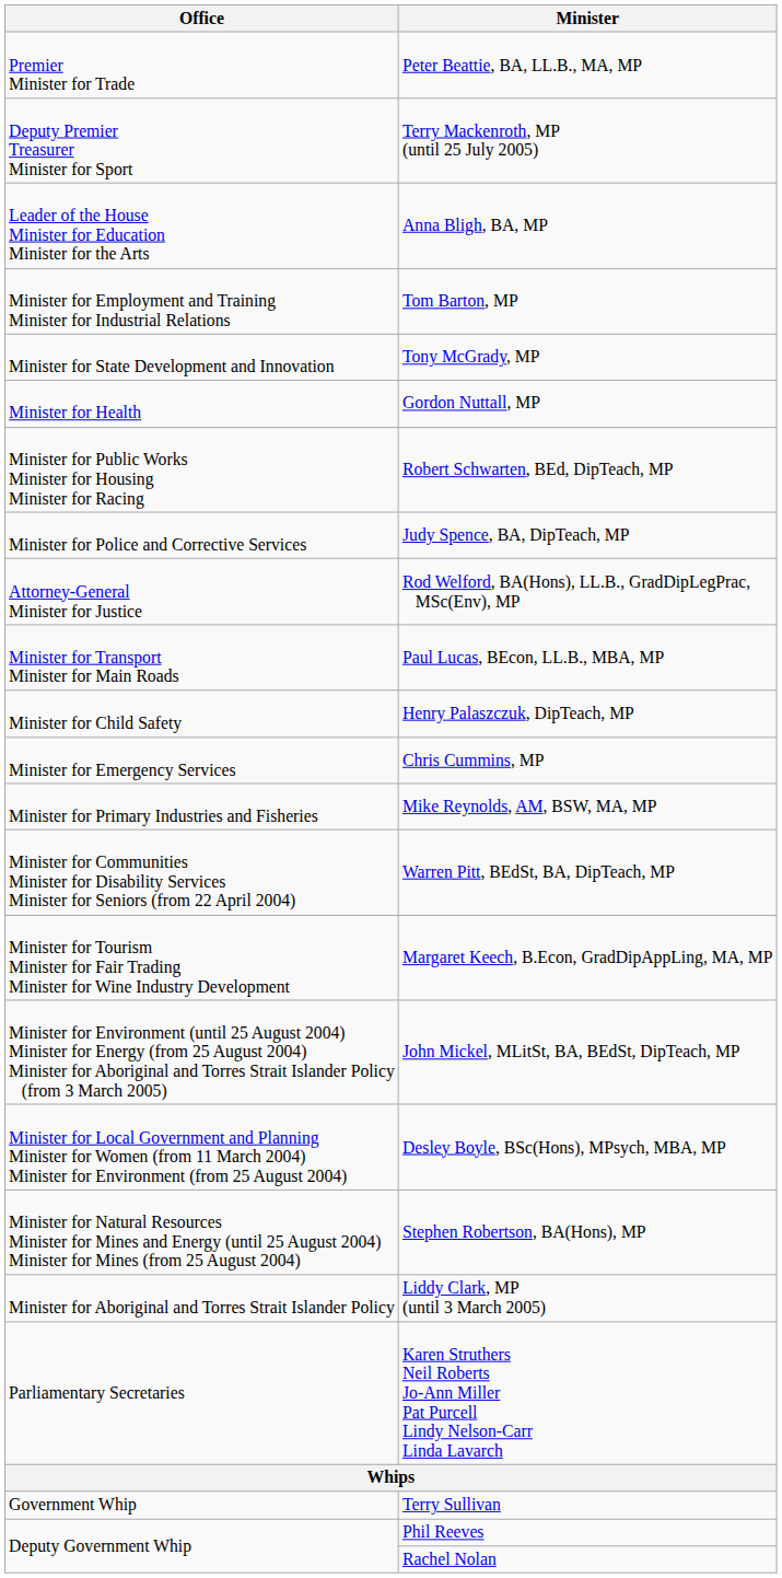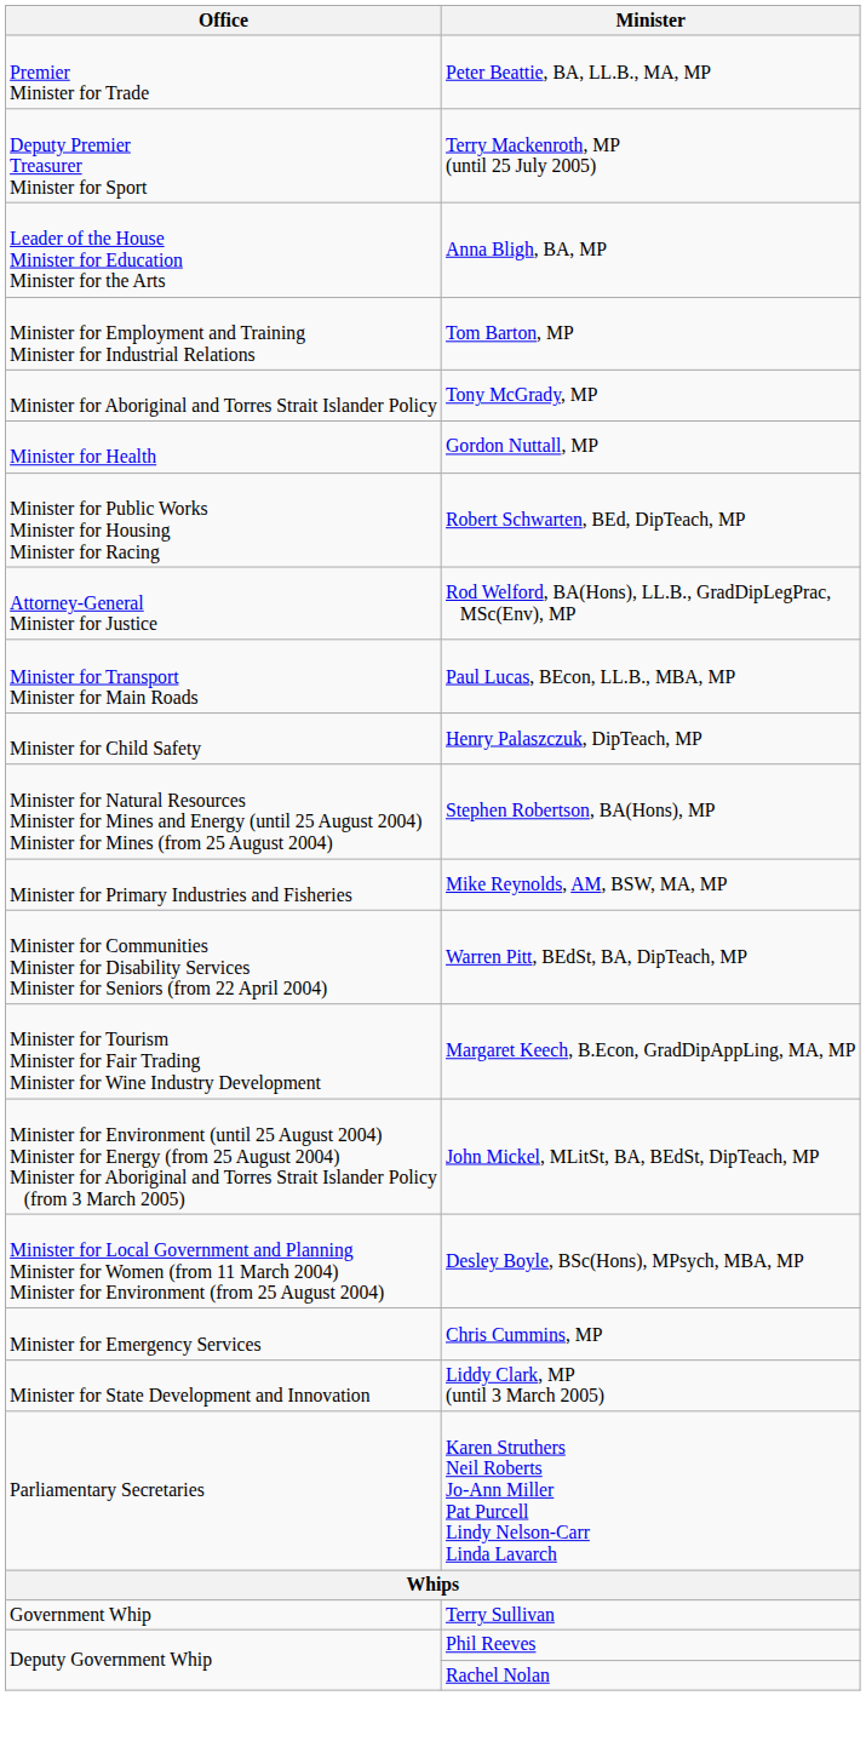 <table class="wikitable">
 <tr>
 <th>Office</th>
 <th>Minister</th>
 </tr>
 <tr>
 <td><br><a href='#'>Premier</a><br> Minister for Trade<br></td>
 <td><a href='#'>Peter Beattie</a>, BA, LL.B., MA, MP</td>
 </tr>
 <tr>
 <td><br><a href='#'>Deputy Premier</a><br> <a href='#'>Treasurer</a><br> Minister for Sport<br></td>
 <td><a href='#'>Terry Mackenroth</a>, MP<br>(until 25 July 2005)</td>
 </tr>
 <tr>
 <td><br><a href='#'>Leader of the House</a><br> <a href='#'>Minister for Education</a><br> Minister for the Arts<br></td>
 <td><a href='#'>Anna Bligh</a>, BA, MP</td>
 </tr>
 <tr>
 <td><br>Minister for Employment and Training<br> Minister for Industrial Relations<br></td>
 <td><a href='#'>Tom Barton</a>, MP</td>
 </tr>
 <tr>
-<td><br>Minister for State Development and Innovation<br></td>
+<td><br>Minister for Aboriginal and Torres Strait Islander Policy<br></td>
 <td><a href='#'>Tony McGrady</a>, MP</td>
 </tr>
 <tr>
 <td><br><a href='#'>Minister for Health</a><br></td>
 <td><a href='#'>Gordon Nuttall</a>, MP</td>
 </tr>
 <tr>
 <td><br>Minister for Public Works<br> Minister for Housing<br> Minister for Racing<br></td>
 <td><a href='#'>Robert Schwarten</a>, BEd, DipTeach, MP</td>
-</tr>
-<tr>
-<td><br>Minister for Police and Corrective Services<br></td>
-<td><a href='#'>Judy Spence</a>, BA, DipTeach, MP</td>
 </tr>
 <tr>
 <td><br><a href='#'>Attorney-General</a><br> Minister for Justice<br></td>
 <td><a href='#'>Rod Welford</a>, BA(Hons), LL.B., GradDipLegPrac,<br>   MSc(Env), MP</td>
 </tr>
 <tr>
 <td><br><a href='#'>Minister for Transport</a><br> Minister for Main Roads<br></td>
 <td><a href='#'>Paul Lucas</a>, BEcon, LL.B., MBA, MP</td>
 </tr>
 <tr>
 <td><br>Minister for Child Safety<br></td>
 <td><a href='#'>Henry Palaszczuk</a>, DipTeach, MP</td>
 </tr>
 <tr>
-<td><br>Minister for Emergency Services<br></td>
-<td><a href='#'>Chris Cummins</a>, MP</td>
+<td><br>Minister for Natural Resources<br> Minister for Mines and Energy (until 25 August 2004)<br> Minister for Mines (from 25 August 2004)</td>
+<td><a href='#'>Stephen Robertson</a>, BA(Hons), MP</td>
 </tr>
 <tr>
 <td><br>Minister for Primary Industries and Fisheries<br></td>
 <td><a href='#'>Mike Reynolds</a>, <a href='#'>AM</a>, BSW, MA, MP</td>
 </tr>
 <tr>
 <td><br>Minister for Communities<br> Minister for Disability Services<br> Minister for Seniors (from 22 April 2004)<br></td>
 <td><a href='#'>Warren Pitt</a>, BEdSt, BA, DipTeach, MP</td>
 </tr>
 <tr>
 <td><br>Minister for Tourism<br> Minister for Fair Trading<br> Minister for Wine Industry Development<br></td>
 <td><a href='#'>Margaret Keech</a>, B.Econ, GradDipAppLing, MA, MP</td>
 </tr>
 <tr>
 <td><br>Minister for Environment (until 25 August 2004)<br> Minister for Energy (from 25 August 2004)<br> Minister for Aboriginal and Torres Strait Islander Policy<br>   (from 3 March 2005)<br></td>
 <td><a href='#'>John Mickel</a>, MLitSt, BA, BEdSt, DipTeach, MP</td>
 </tr>
 <tr>
 <td><br><a href='#'>Minister for Local Government and Planning</a><br> Minister for Women (from 11 March 2004)<br> Minister for Environment (from 25 August 2004)<br></td>
 <td><a href='#'>Desley Boyle</a>, BSc(Hons), MPsych, MBA, MP</td>
 </tr>
 <tr>
-<td><br>Minister for Natural Resources<br> Minister for Mines and Energy (until 25 August 2004)<br> Minister for Mines (from 25 August 2004)</td>
-<td><a href='#'>Stephen Robertson</a>, BA(Hons), MP</td>
+<td><br>Minister for Emergency Services<br></td>
+<td><a href='#'>Chris Cummins</a>, MP</td>
 </tr>
 <tr>
-<td><br>Minister for Aboriginal and Torres Strait Islander Policy<br></td>
+<td><br>Minister for State Development and Innovation<br></td>
 <td><a href='#'>Liddy Clark</a>, MP<br>(until 3 March 2005)</td>
 </tr>
 <tr>
 <td>Parliamentary Secretaries</td>
 <td><br><a href='#'>Karen Struthers</a><br> <a href='#'>Neil Roberts</a><br> <a href='#'>Jo-Ann Miller</a><br> <a href='#'>Pat Purcell</a><br> <a href='#'>Lindy Nelson-Carr</a><br> <a href='#'>Linda Lavarch</a><br></td>
 </tr>
 <tr>
 <th colspan=2>Whips</th>
 </tr>
 <tr>
 <td>Government Whip</td>
 <td><a href='#'>Terry Sullivan</a></td>
 </tr>
 <tr>
 <td rowspan=2>Deputy Government Whip</td>
 <td><a href='#'>Phil Reeves</a></td>
 </tr>
 <tr>
 <td><a href='#'>Rachel Nolan</a></td>
 </tr>
 </table>
